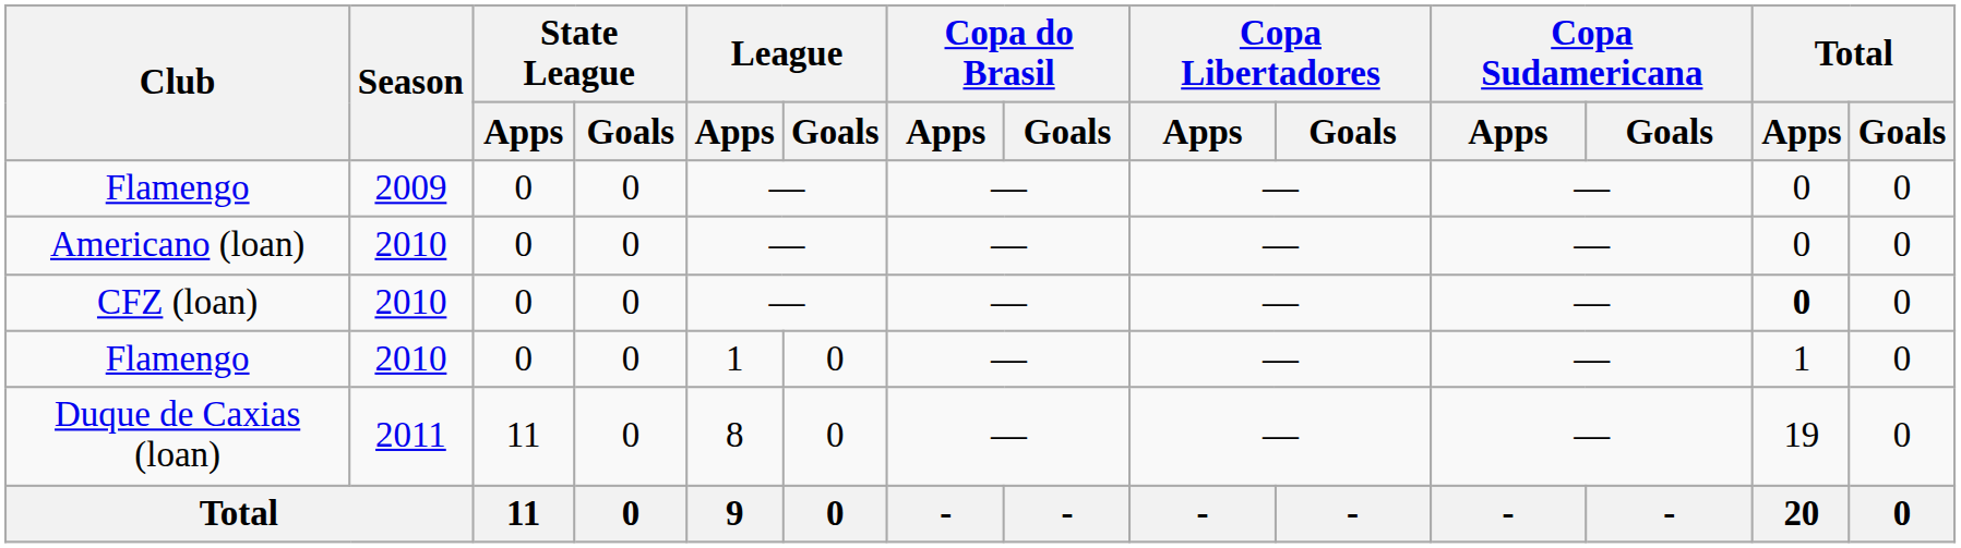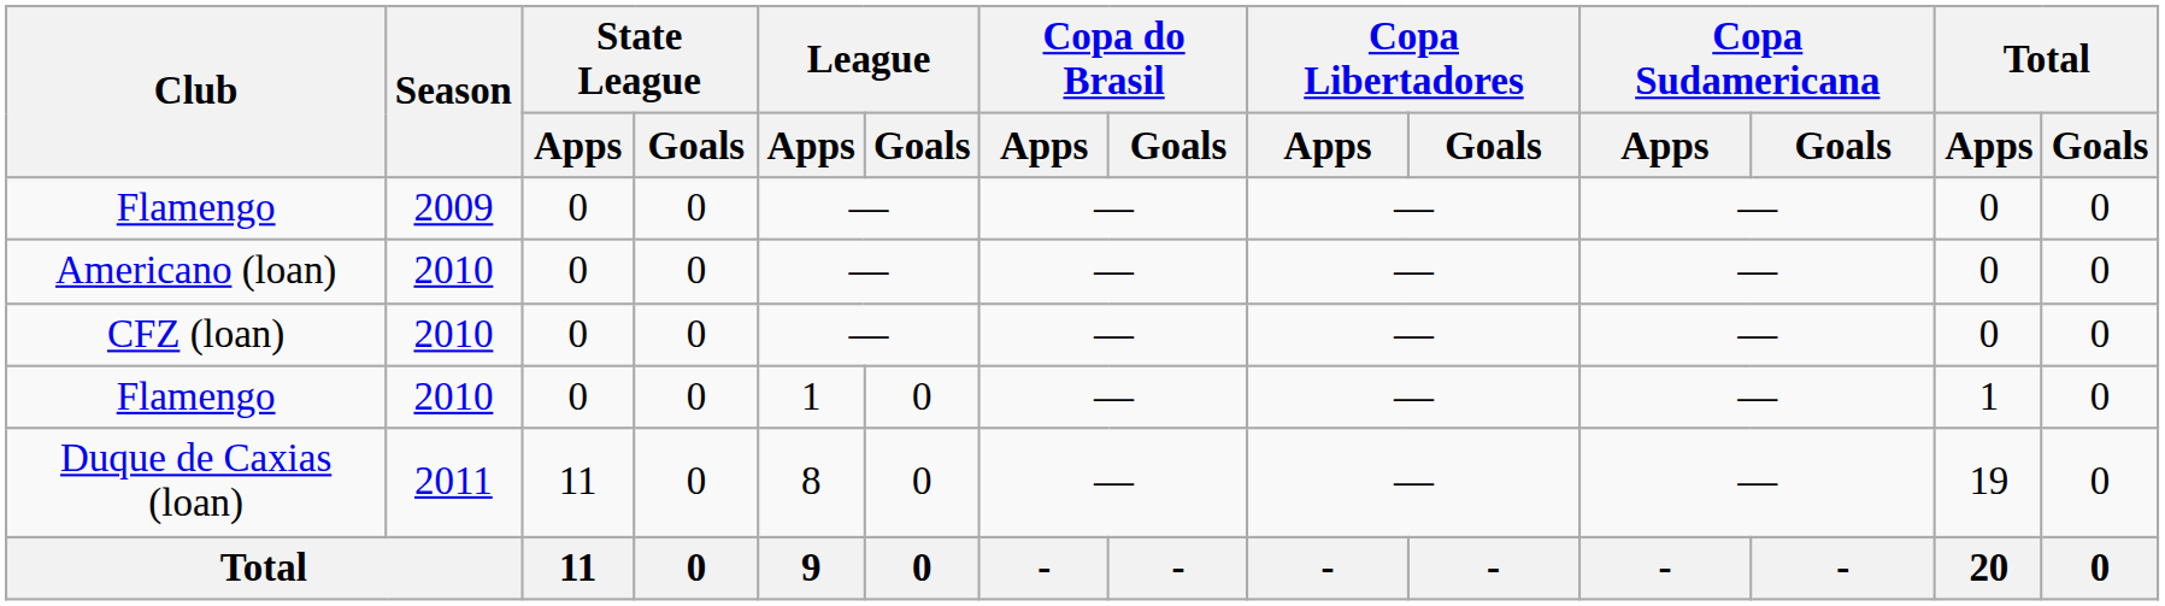 <table class="wikitable" style="text-align: center;">
 <tr>
 <th rowspan="2">Club</th>
 <th rowspan="2">Season</th>
 <th colspan="2">State League</th>
 <th colspan="2">League</th>
 <th colspan="2"><a href='#'>Copa do Brasil</a></th>
 <th colspan="2"><a href='#'>Copa Libertadores</a></th>
 <th colspan="2"><a href='#'>Copa Sudamericana</a></th>
 <th colspan="2">Total</th>
 </tr>
 <tr>
 <th>Apps</th>
 <th>Goals</th>
 <th>Apps</th>
 <th>Goals</th>
 <th>Apps</th>
 <th>Goals</th>
 <th>Apps</th>
 <th>Goals</th>
 <th>Apps</th>
 <th>Goals</th>
 <th>Apps</th>
 <th>Goals</th>
 </tr>
 <tr>
 <td><a href='#'>Flamengo</a></td>
 <td><a href='#'>2009</a></td>
 <td>0</td>
 <td>0</td>
 <td colspan="2">—</td>
 <td colspan="2">—</td>
 <td colspan="2">—</td>
 <td colspan="2">—</td>
 <td>0</td>
 <td>0</td>
 </tr>
 <tr>
 <td><a href='#'>Americano</a> (loan)</td>
 <td><a href='#'>2010</a></td>
 <td>0</td>
 <td>0</td>
 <td colspan="2">—</td>
 <td colspan="2">—</td>
 <td colspan="2">—</td>
 <td colspan="2">—</td>
 <td>0</td>
 <td>0</td>
 </tr>
 <tr>
 <td><a href='#'>CFZ</a> (loan)</td>
 <td><a href='#'>2010</a></td>
 <td>0</td>
 <td>0</td>
 <td colspan="2">—</td>
 <td colspan="2">—</td>
 <td colspan="2">—</td>
 <td colspan="2">—</td>
-<td><strong>0</strong></td>
+<td>0</td>
 <td>0</td>
 </tr>
 <tr>
 <td><a href='#'>Flamengo</a></td>
 <td><a href='#'>2010</a></td>
 <td>0</td>
 <td>0</td>
 <td>1</td>
 <td>0</td>
 <td colspan="2">—</td>
 <td colspan="2">—</td>
 <td colspan="2">—</td>
 <td>1</td>
 <td>0</td>
 </tr>
 <tr>
 <td><a href='#'>Duque de Caxias</a> (loan)</td>
 <td><a href='#'>2011</a></td>
 <td>11</td>
 <td>0</td>
 <td>8</td>
 <td>0</td>
 <td colspan="2">—</td>
 <td colspan="2">—</td>
 <td colspan="2">—</td>
 <td>19</td>
 <td>0</td>
 </tr>
 <tr>
 <th colspan="2">Total</th>
 <th>11</th>
 <th>0</th>
 <th>9</th>
 <th>0</th>
 <th>-</th>
 <th>-</th>
 <th>-</th>
 <th>-</th>
 <th>-</th>
 <th>-</th>
 <th>20</th>
 <th>0</th>
 </tr>
 </table>
